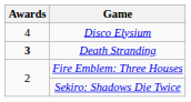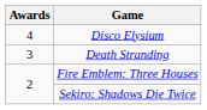 <table class="wikitable floatleft" rowspan="2" style="text-align:center;">
 <tr>
 <th style="width:55px;">Awards</th>
 <th style="text-align:center;">Game</th>
 </tr>
 <tr>
 <td>4</td>
 <td><em><a href='#'>Disco Elysium</a></em></td>
 </tr>
 <tr>
-<td><strong>3</strong></td>
+<td>3</td>
 <td><em><a href='#'>Death Stranding</a></em></td>
 </tr>
 <tr>
 <td rowspan="2">2</td>
 <td><em><a href='#'>Fire Emblem: Three Houses</a></em></td>
 </tr>
 <tr>
 <td><em><a href='#'>Sekiro: Shadows Die Twice</a></em></td>
 </tr>
 </table>
